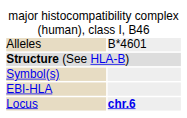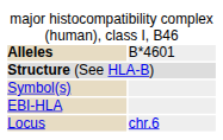 <table id="drugInfoBox" style="float: right; clear: right; margin: 0 0 0.5em 1em; background: #ffffff;" class="toccolours" border=0 cellpadding=0 align=right width="240px">
 <tr>
 <td align="center" colspan="3"></td>
 </tr>
 <tr style="text-align: center; line-height: 1.00;background:#eeeeee">
 <td colspan="3" color="white"></td>
 </tr>
 <tr>
 <td align="center" colspan="2"></td>
 </tr>
 <tr>
 <td align="center" colspan="2"><div>major histocompatibility complex (human), class I, B46</div></td>
 </tr>
 <tr>
-<td bgcolor="#e7dcc3">Alleles</td>
+<td bgcolor="#e7dcc3"><strong>Alleles</strong></td>
 <td bgcolor="#eeeeee">B*4601 <br></td>
 </tr>
 <tr>
 <td colspan="2" bgcolor="#dddddd"><strong>Structure</strong> (See <a href='#'>HLA-B</a>)</td>
 </tr>
 <tr>
 <td bgcolor="#e7dcc3"><a href='#'>Symbol(s)</a></td>
 <td bgcolor="#eeeeee"></td>
 </tr>
 <tr>
 <td bgcolor="#e7dcc3"><a href='#'>EBI-HLA</a></td>
 <td bgcolor="#eeeeee"></td>
 </tr>
 <tr>
 <td bgcolor="#e7dcc3"><a href='#'>Locus</a></td>
-<td bgcolor="#eeeeee"><strong><a href='#'>chr.6</a> <em></em></strong></td>
+<td bgcolor="#eeeeee"><a href='#'>chr.6</a> <em></em></td>
 </tr>
 <tr>
 </tr>
 </table>
